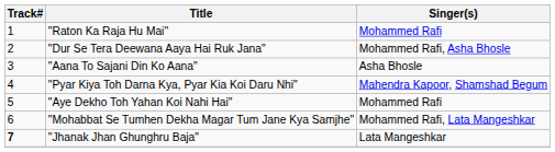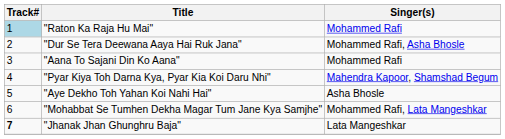 <table class="wikitable">
 <tr>
 <th>Track#</th>
 <th>Title</th>
 <th>Singer(s)</th>
 </tr>
 <tr>
-<td>1</td>
+<td style="background: lightblue;">1</td>
 <td>"Raton Ka Raja Hu Mai"</td>
 <td><a href='#'>Mohammed Rafi</a></td>
 </tr>
 <tr>
 <td>2</td>
 <td>"Dur Se Tera Deewana Aaya Hai Ruk Jana"</td>
 <td>Mohammed Rafi, <a href='#'>Asha Bhosle</a></td>
 </tr>
 <tr>
 <td>3</td>
 <td>"Aana To Sajani Din Ko Aana"</td>
-<td>Asha Bhosle</td>
+<td>Mohammed Rafi</td>
 </tr>
 <tr>
 <td>4</td>
 <td>"Pyar Kiya Toh Darna Kya, Pyar Kia Koi Daru Nhi"</td>
 <td><a href='#'>Mahendra Kapoor</a>, <a href='#'>Shamshad Begum</a></td>
 </tr>
 <tr>
 <td>5</td>
 <td>"Aye Dekho Toh Yahan Koi Nahi Hai"</td>
-<td>Mohammed Rafi</td>
+<td>Asha Bhosle</td>
 </tr>
 <tr>
 <td>6</td>
 <td>"Mohabbat Se Tumhen Dekha Magar Tum Jane Kya Samjhe"</td>
 <td>Mohammed Rafi, <a href='#'>Lata Mangeshkar</a></td>
 </tr>
 <tr>
 <td><strong>7</strong></td>
 <td>"Jhanak Jhan Ghunghru Baja"</td>
 <td>Lata Mangeshkar</td>
 </tr>
 <tr>
 </tr>
 </table>
